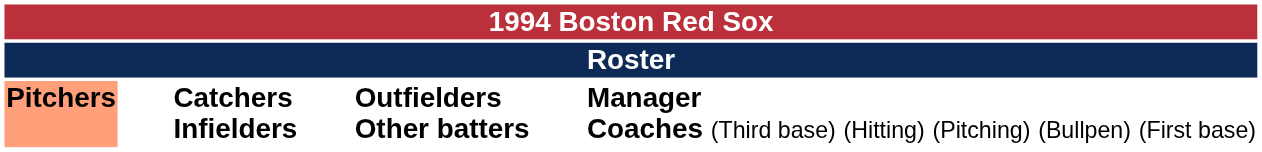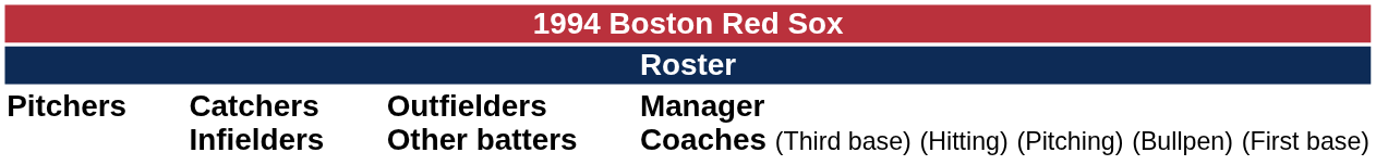 <table class="toccolours" style="text-align: left;">
 <tr>
 <th colspan="10" style="background-color: #ba313c; color: #FFFFFF; text-align: center;">1994 Boston Red Sox</th>
 </tr>
 <tr>
 <td colspan="10" style="background-color:#0d2b56; color: white; text-align: center;"><strong>Roster</strong></td>
 </tr>
 <tr>
-<td valign="top" style="background: lightsalmon;"><strong>Pitchers</strong><br>                     </td>
+<td valign="top"><strong>Pitchers</strong><br>                     </td>
 <td width="25px"></td>
 <td valign="top"><strong>Catchers</strong><br>   <strong>Infielders</strong>        </td>
 <td width="25px"></td>
 <td valign="top"><strong>Outfielders</strong><br>         <strong>Other batters</strong>   </td>
 <td width="25px"></td>
 <td valign="top"><strong>Manager</strong><br> <strong>Coaches</strong>  <small>(Third base)</small>  <small>(Hitting)</small>  <small>(Pitching)</small>  <small>(Bullpen)</small>  <small>(First base)</small></td>
 </tr>
 <tr>
 </tr>
 </table>
